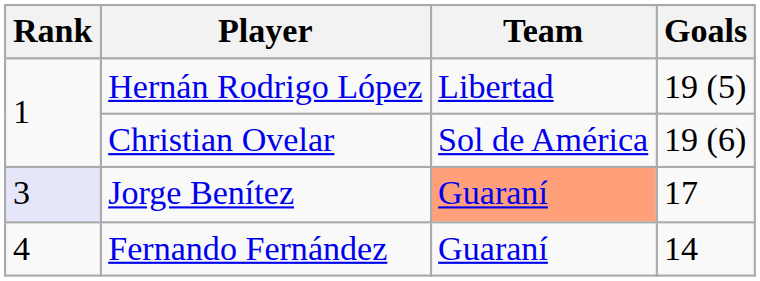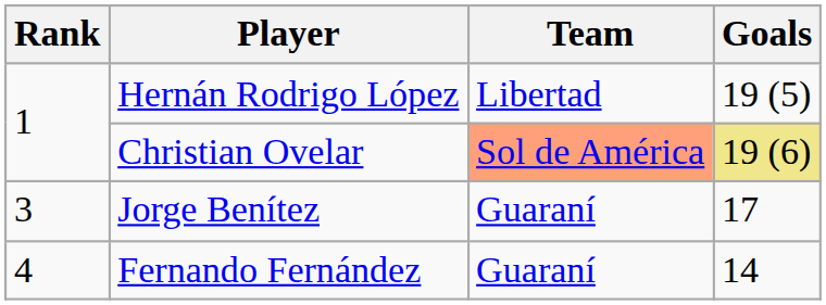 <table class="wikitable">
 <tr>
 <th>Rank</th>
 <th>Player</th>
 <th>Team</th>
 <th>Goals</th>
 </tr>
 <tr>
 <td rowspan=2>1</td>
 <td> <a href='#'>Hernán Rodrigo López</a></td>
 <td><a href='#'>Libertad</a></td>
 <td>19 (5)</td>
 </tr>
 <tr>
 <td> <a href='#'>Christian Ovelar</a></td>
-<td><a href='#'>Sol de América</a></td>
-<td>19 (6)</td>
+<td style="background: lightsalmon;"><a href='#'>Sol de América</a></td>
+<td style="background: khaki;">19 (6)</td>
 </tr>
 <tr>
-<td style="background: lavender;">3</td>
+<td>3</td>
 <td> <a href='#'>Jorge Benítez</a></td>
-<td style="background: lightsalmon;"><a href='#'>Guaraní</a></td>
+<td><a href='#'>Guaraní</a></td>
 <td>17</td>
 </tr>
 <tr>
 <td>4</td>
 <td> <a href='#'>Fernando Fernández</a></td>
 <td><a href='#'>Guaraní</a></td>
 <td>14</td>
 </tr>
 </table>
